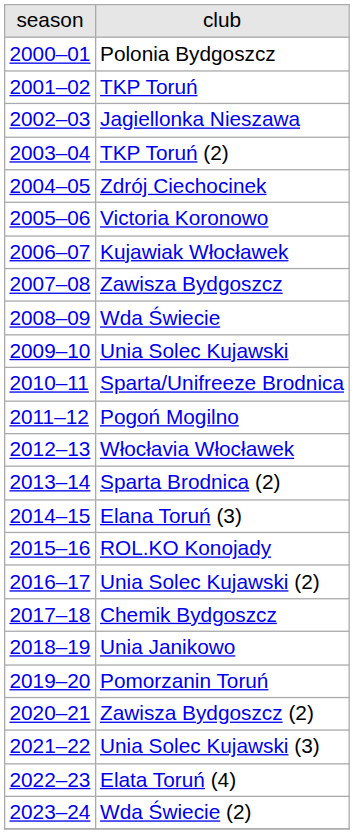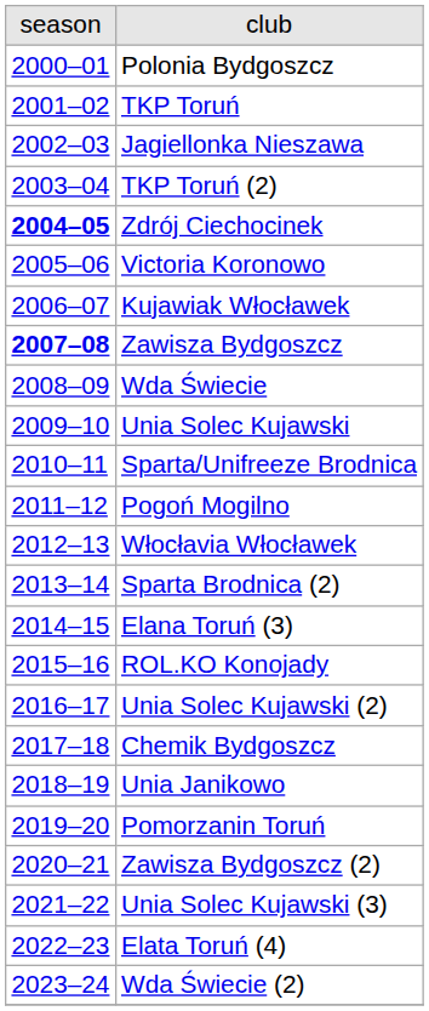 <table class="wikitable sortable" style="margin: 0;background:#ffffff;">
 <tr align=center bgcolor=#e6e6e6>
 <td>season</td>
 <td>club</td>
 </tr>
 <tr>
 <td><a href='#'>2000–01</a></td>
 <td>Polonia Bydgoszcz</td>
 </tr>
 <tr>
 <td><a href='#'>2001–02</a></td>
 <td><a href='#'>TKP Toruń</a></td>
 </tr>
 <tr>
 <td><a href='#'>2002–03</a></td>
 <td><a href='#'>Jagiellonka Nieszawa</a></td>
 </tr>
 <tr>
 <td><a href='#'>2003–04</a></td>
 <td><a href='#'>TKP Toruń</a> (2)</td>
 </tr>
 <tr>
-<td><a href='#'>2004–05</a></td>
+<td><strong><a href='#'>2004–05</a></strong></td>
 <td><a href='#'>Zdrój Ciechocinek</a></td>
 </tr>
 <tr>
 <td><a href='#'>2005–06</a></td>
 <td><a href='#'>Victoria Koronowo</a></td>
 </tr>
 <tr>
 <td><a href='#'>2006–07</a></td>
 <td><a href='#'>Kujawiak Włocławek</a></td>
 </tr>
 <tr>
-<td><a href='#'>2007–08</a></td>
+<td><strong><a href='#'>2007–08</a></strong></td>
 <td><a href='#'>Zawisza Bydgoszcz</a></td>
 </tr>
 <tr>
 <td><a href='#'>2008–09</a></td>
 <td><a href='#'>Wda Świecie</a></td>
 </tr>
 <tr>
 <td><a href='#'>2009–10</a></td>
 <td><a href='#'>Unia Solec Kujawski</a></td>
 </tr>
 <tr>
 <td><a href='#'>2010–11</a></td>
 <td><a href='#'>Sparta/Unifreeze Brodnica</a></td>
 </tr>
 <tr>
 <td><a href='#'>2011–12</a></td>
 <td><a href='#'>Pogoń Mogilno</a></td>
 </tr>
 <tr>
 <td><a href='#'>2012–13</a></td>
 <td><a href='#'>Włocłavia Włocławek</a></td>
 </tr>
 <tr>
 <td><a href='#'>2013–14</a></td>
 <td><a href='#'>Sparta Brodnica</a> (2)</td>
 </tr>
 <tr>
 <td><a href='#'>2014–15</a></td>
 <td><a href='#'>Elana Toruń</a> (3)</td>
 </tr>
 <tr>
 <td><a href='#'>2015–16</a></td>
 <td><a href='#'>ROL.KO Konojady</a></td>
 </tr>
 <tr>
 <td><a href='#'>2016–17</a></td>
 <td><a href='#'>Unia Solec Kujawski</a> (2)</td>
 </tr>
 <tr>
 <td><a href='#'>2017–18</a></td>
 <td><a href='#'>Chemik Bydgoszcz</a></td>
 </tr>
 <tr>
 <td><a href='#'>2018–19</a></td>
 <td><a href='#'>Unia Janikowo</a></td>
 </tr>
 <tr>
 <td><a href='#'>2019–20</a></td>
 <td><a href='#'>Pomorzanin Toruń</a></td>
 </tr>
 <tr>
 <td><a href='#'>2020–21</a></td>
 <td><a href='#'>Zawisza Bydgoszcz</a> (2)</td>
 </tr>
 <tr>
 <td><a href='#'>2021–22</a></td>
 <td><a href='#'>Unia Solec Kujawski</a> (3)</td>
 </tr>
 <tr>
 <td><a href='#'>2022–23</a></td>
 <td><a href='#'>Elata Toruń</a> (4)</td>
 </tr>
 <tr>
 <td><a href='#'>2023–24</a></td>
 <td><a href='#'>Wda Świecie</a> (2)</td>
 </tr>
 <tr>
 </tr>
 </table>
